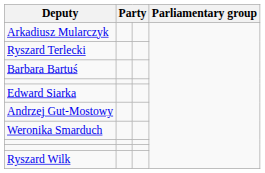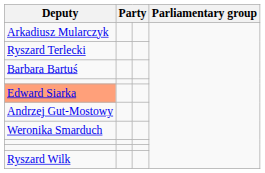 <table class="wikitable">
 <tr>
 <th>Deputy</th>
 <th colspan="2">Party</th>
 <th colspan="2">Parliamentary group</th>
 </tr>
 <tr>
 <td><a href='#'>Arkadiusz Mularczyk</a></td>
 <td></td>
 <td></td>
 </tr>
 <tr>
 <td><a href='#'>Ryszard Terlecki</a></td>
 <td></td>
 <td></td>
 </tr>
 <tr>
 <td><a href='#'>Barbara Bartuś</a></td>
 <td></td>
 <td></td>
 </tr>
 <tr>
 <td></td>
 <td></td>
 <td></td>
 </tr>
 <tr>
-<td><a href='#'>Edward Siarka</a></td>
+<td style="background: lightsalmon;"><a href='#'>Edward Siarka</a></td>
 <td></td>
 <td></td>
 </tr>
 <tr>
 <td><a href='#'>Andrzej Gut-Mostowy</a></td>
 <td></td>
 <td></td>
 </tr>
 <tr>
 <td><a href='#'>Weronika Smarduch</a></td>
 <td></td>
 <td></td>
 </tr>
 <tr>
 <td></td>
 <td></td>
 <td></td>
 </tr>
 <tr>
 <td></td>
 <td></td>
 <td></td>
 </tr>
 <tr>
 <td><a href='#'>Ryszard Wilk</a></td>
 <td></td>
 <td></td>
 </tr>
 </table>
